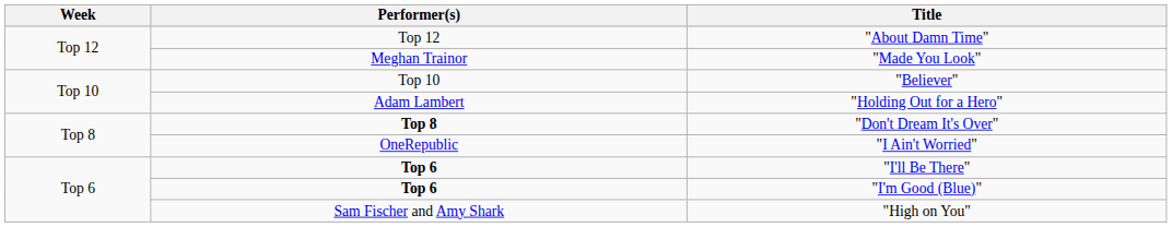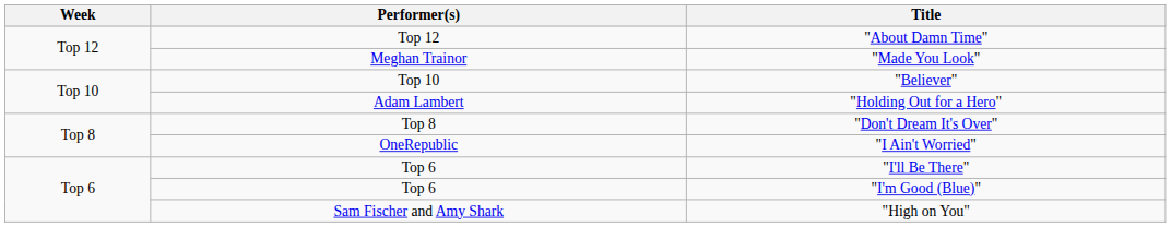 <table class="wikitable plainrowheaders" style="text-align:center; line-height:16px; width:99%;">
 <tr style="background:#ccc; text-align:center;">
 <th>Week</th>
 <th>Performer(s)</th>
 <th>Title</th>
 </tr>
 <tr>
 <td rowspan=2>Top 12</td>
 <td>Top 12</td>
 <td>"<a href='#'>About Damn Time</a>"</td>
 </tr>
 <tr>
 <td><a href='#'>Meghan Trainor</a></td>
 <td>"<a href='#'>Made You Look</a>"</td>
 </tr>
 <tr>
 <td rowspan=2>Top 10</td>
 <td>Top 10</td>
 <td>"<a href='#'>Believer</a>"</td>
 </tr>
 <tr>
 <td><a href='#'>Adam Lambert</a></td>
 <td>"<a href='#'>Holding Out for a Hero</a>"</td>
 </tr>
 <tr>
 <td rowspan=2>Top 8</td>
-<td><strong>Top 8</strong></td>
+<td>Top 8</td>
 <td>"<a href='#'>Don't Dream It's Over</a>"</td>
 </tr>
 <tr>
 <td><a href='#'>OneRepublic</a></td>
 <td>"<a href='#'>I Ain't Worried</a>"</td>
 </tr>
 <tr>
 <td rowspan=3>Top 6</td>
-<td><strong>Top 6</strong></td>
+<td>Top 6</td>
 <td>"<a href='#'>I'll Be There</a>"</td>
 </tr>
 <tr>
-<td><strong>Top 6</strong></td>
+<td>Top 6</td>
 <td>"<a href='#'>I'm Good (Blue)</a>"</td>
 </tr>
 <tr>
 <td><a href='#'>Sam Fischer</a> and <a href='#'>Amy Shark</a></td>
 <td>"High on You"</td>
 </tr>
 </table>
